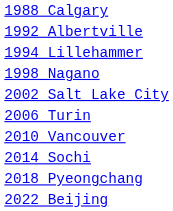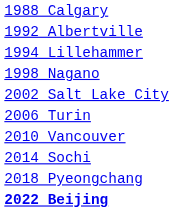 <table>
 <tr>
 <td><a href='#'>1988 Calgary</a><br></td>
 <td></td>
 <td></td>
 <td></td>
 </tr>
 <tr>
 <td><a href='#'>1992 Albertville</a><br></td>
 <td></td>
 <td></td>
 <td></td>
 </tr>
 <tr>
 <td><a href='#'>1994 Lillehammer</a><br></td>
 <td></td>
 <td></td>
 <td></td>
 </tr>
 <tr>
 <td><a href='#'>1998 Nagano</a><br></td>
 <td></td>
 <td></td>
 <td></td>
 </tr>
 <tr>
 <td><a href='#'>2002 Salt Lake City</a><br></td>
 <td></td>
 <td></td>
 <td></td>
 </tr>
 <tr>
 <td><a href='#'>2006 Turin</a><br></td>
 <td></td>
 <td></td>
 <td></td>
 </tr>
 <tr>
 <td><a href='#'>2010 Vancouver</a><br></td>
 <td></td>
 <td></td>
 <td></td>
 </tr>
 <tr>
 <td><a href='#'>2014 Sochi</a><br></td>
 <td></td>
 <td></td>
 <td></td>
 </tr>
 <tr>
 <td><a href='#'>2018 Pyeongchang</a><br></td>
 <td></td>
 <td></td>
 <td></td>
 </tr>
 <tr>
-<td><a href='#'>2022 Beijing</a> <br></td>
+<td><strong><a href='#'>2022 Beijing</a> <br></strong></td>
 <td></td>
 <td></td>
 <td></td>
 </tr>
 <tr>
 </tr>
 </table>
